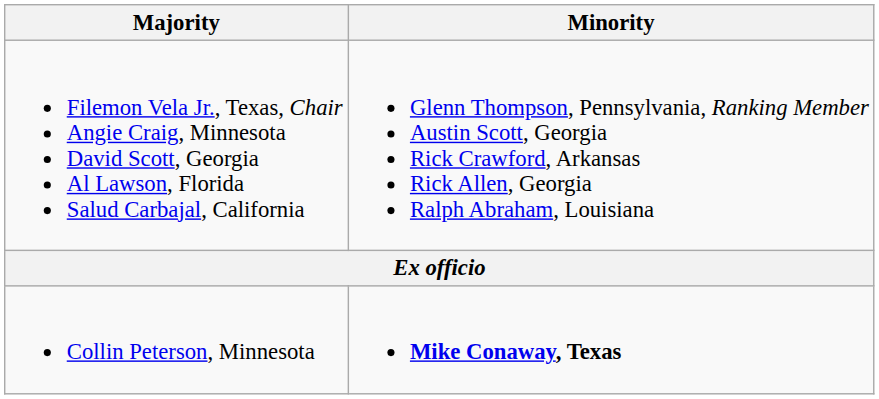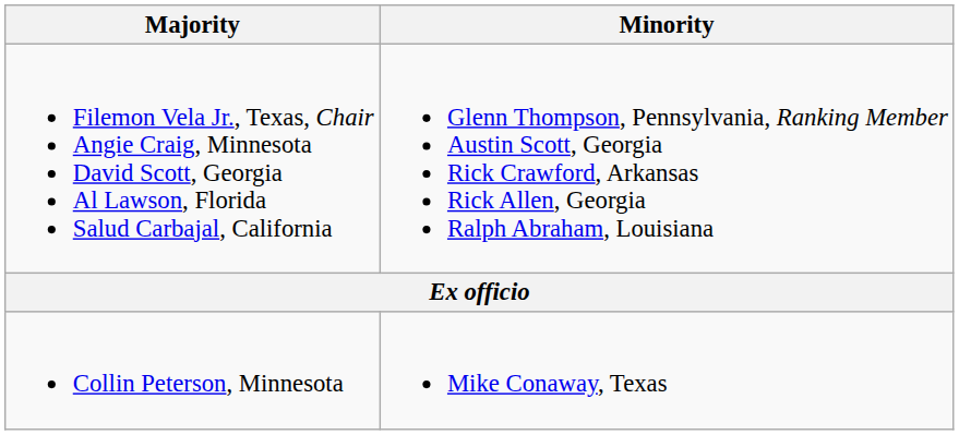 <table class=wikitable>
 <tr>
 <th>Majority</th>
 <th>Minority</th>
 </tr>
 <tr>
 <td><br><ul><li><a href='#'>Filemon Vela Jr.</a>, Texas, <em>Chair</em></li><li><a href='#'>Angie Craig</a>, Minnesota</li><li><a href='#'>David Scott</a>, Georgia</li><li><a href='#'>Al Lawson</a>, Florida</li><li><a href='#'>Salud Carbajal</a>, California</li></ul></td>
 <td><br><ul><li><a href='#'>Glenn Thompson</a>, Pennsylvania, <em>Ranking Member</em></li><li><a href='#'>Austin Scott</a>, Georgia</li><li><a href='#'>Rick Crawford</a>, Arkansas</li><li><a href='#'>Rick Allen</a>, Georgia</li><li><a href='#'>Ralph Abraham</a>, Louisiana</li></ul></td>
 </tr>
 <tr>
 <th colspan=2><em>Ex officio</em></th>
 </tr>
 <tr>
 <td><br><ul><li><a href='#'>Collin Peterson</a>, Minnesota</li></ul></td>
-<td><strong><br><ul><li><a href='#'>Mike Conaway</a>, Texas</li></ul></strong></td>
+<td><br><ul><li><a href='#'>Mike Conaway</a>, Texas</li></ul></td>
 </tr>
 </table>
